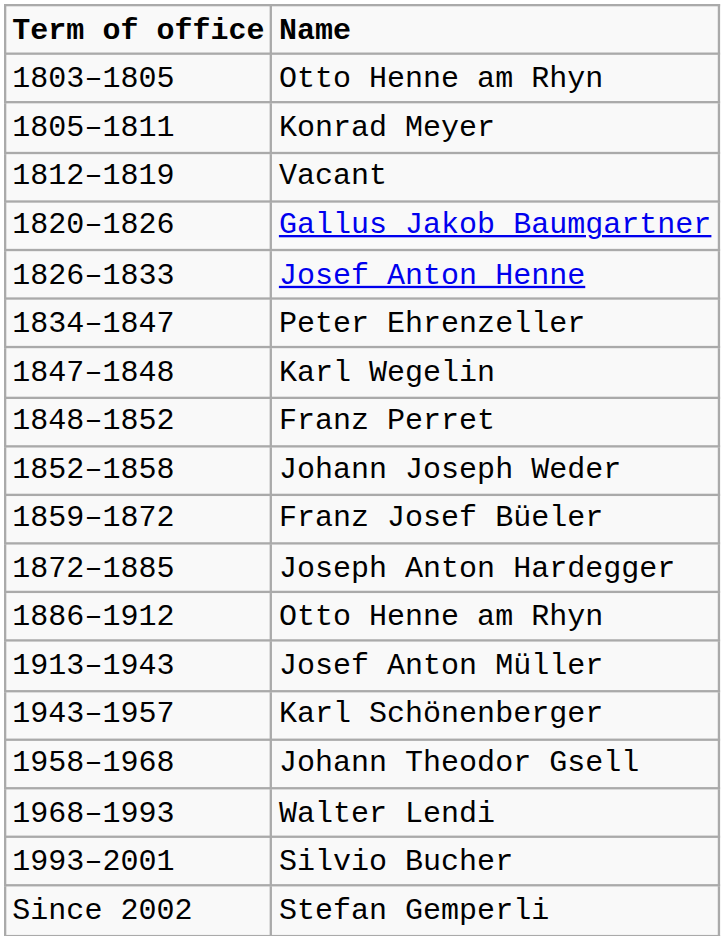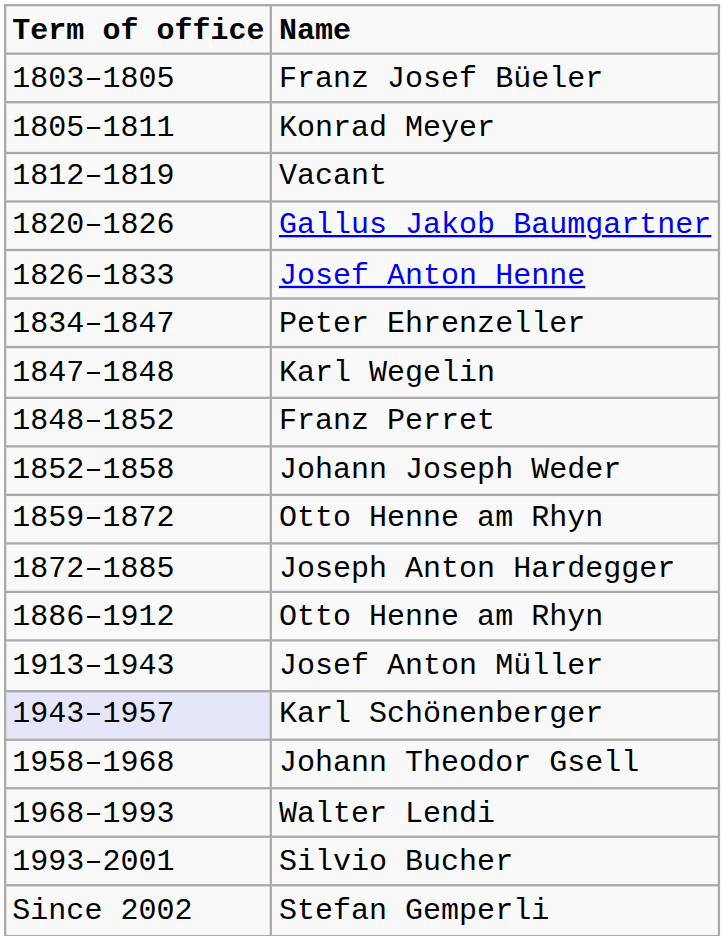 <table class="wikitable">
 <tr>
 <td><strong>Term of office</strong></td>
 <td><strong>Name</strong></td>
 </tr>
 <tr>
 <td>1803–1805</td>
-<td>Otto Henne am Rhyn</td>
+<td>Franz Josef Büeler</td>
 </tr>
 <tr>
 <td>1805–1811</td>
 <td>Konrad Meyer</td>
 </tr>
 <tr>
 <td>1812–1819</td>
 <td>Vacant</td>
 </tr>
 <tr>
 <td>1820–1826</td>
 <td><a href='#'>Gallus Jakob Baumgartner</a></td>
 </tr>
 <tr>
 <td>1826–1833</td>
 <td><a href='#'>Josef Anton Henne</a></td>
 </tr>
 <tr>
 <td>1834–1847</td>
 <td>Peter Ehrenzeller</td>
 </tr>
 <tr>
 <td>1847–1848</td>
 <td>Karl Wegelin</td>
 </tr>
 <tr>
 <td>1848–1852</td>
 <td>Franz Perret</td>
 </tr>
 <tr>
 <td>1852–1858</td>
 <td>Johann Joseph Weder</td>
 </tr>
 <tr>
 <td>1859–1872</td>
-<td>Franz Josef Büeler</td>
+<td>Otto Henne am Rhyn</td>
 </tr>
 <tr>
 <td>1872–1885</td>
 <td>Joseph Anton Hardegger</td>
 </tr>
 <tr>
 <td>1886–1912</td>
 <td>Otto Henne am Rhyn</td>
 </tr>
 <tr>
 <td>1913–1943</td>
 <td>Josef Anton Müller</td>
 </tr>
 <tr>
-<td>1943–1957</td>
+<td style="background: lavender;">1943–1957</td>
 <td>Karl Schönenberger</td>
 </tr>
 <tr>
 <td>1958–1968</td>
 <td>Johann Theodor Gsell</td>
 </tr>
 <tr>
 <td>1968–1993</td>
 <td>Walter Lendi</td>
 </tr>
 <tr>
 <td>1993–2001</td>
 <td>Silvio Bucher</td>
 </tr>
 <tr>
 <td>Since 2002</td>
 <td>Stefan Gemperli</td>
 </tr>
 </table>
